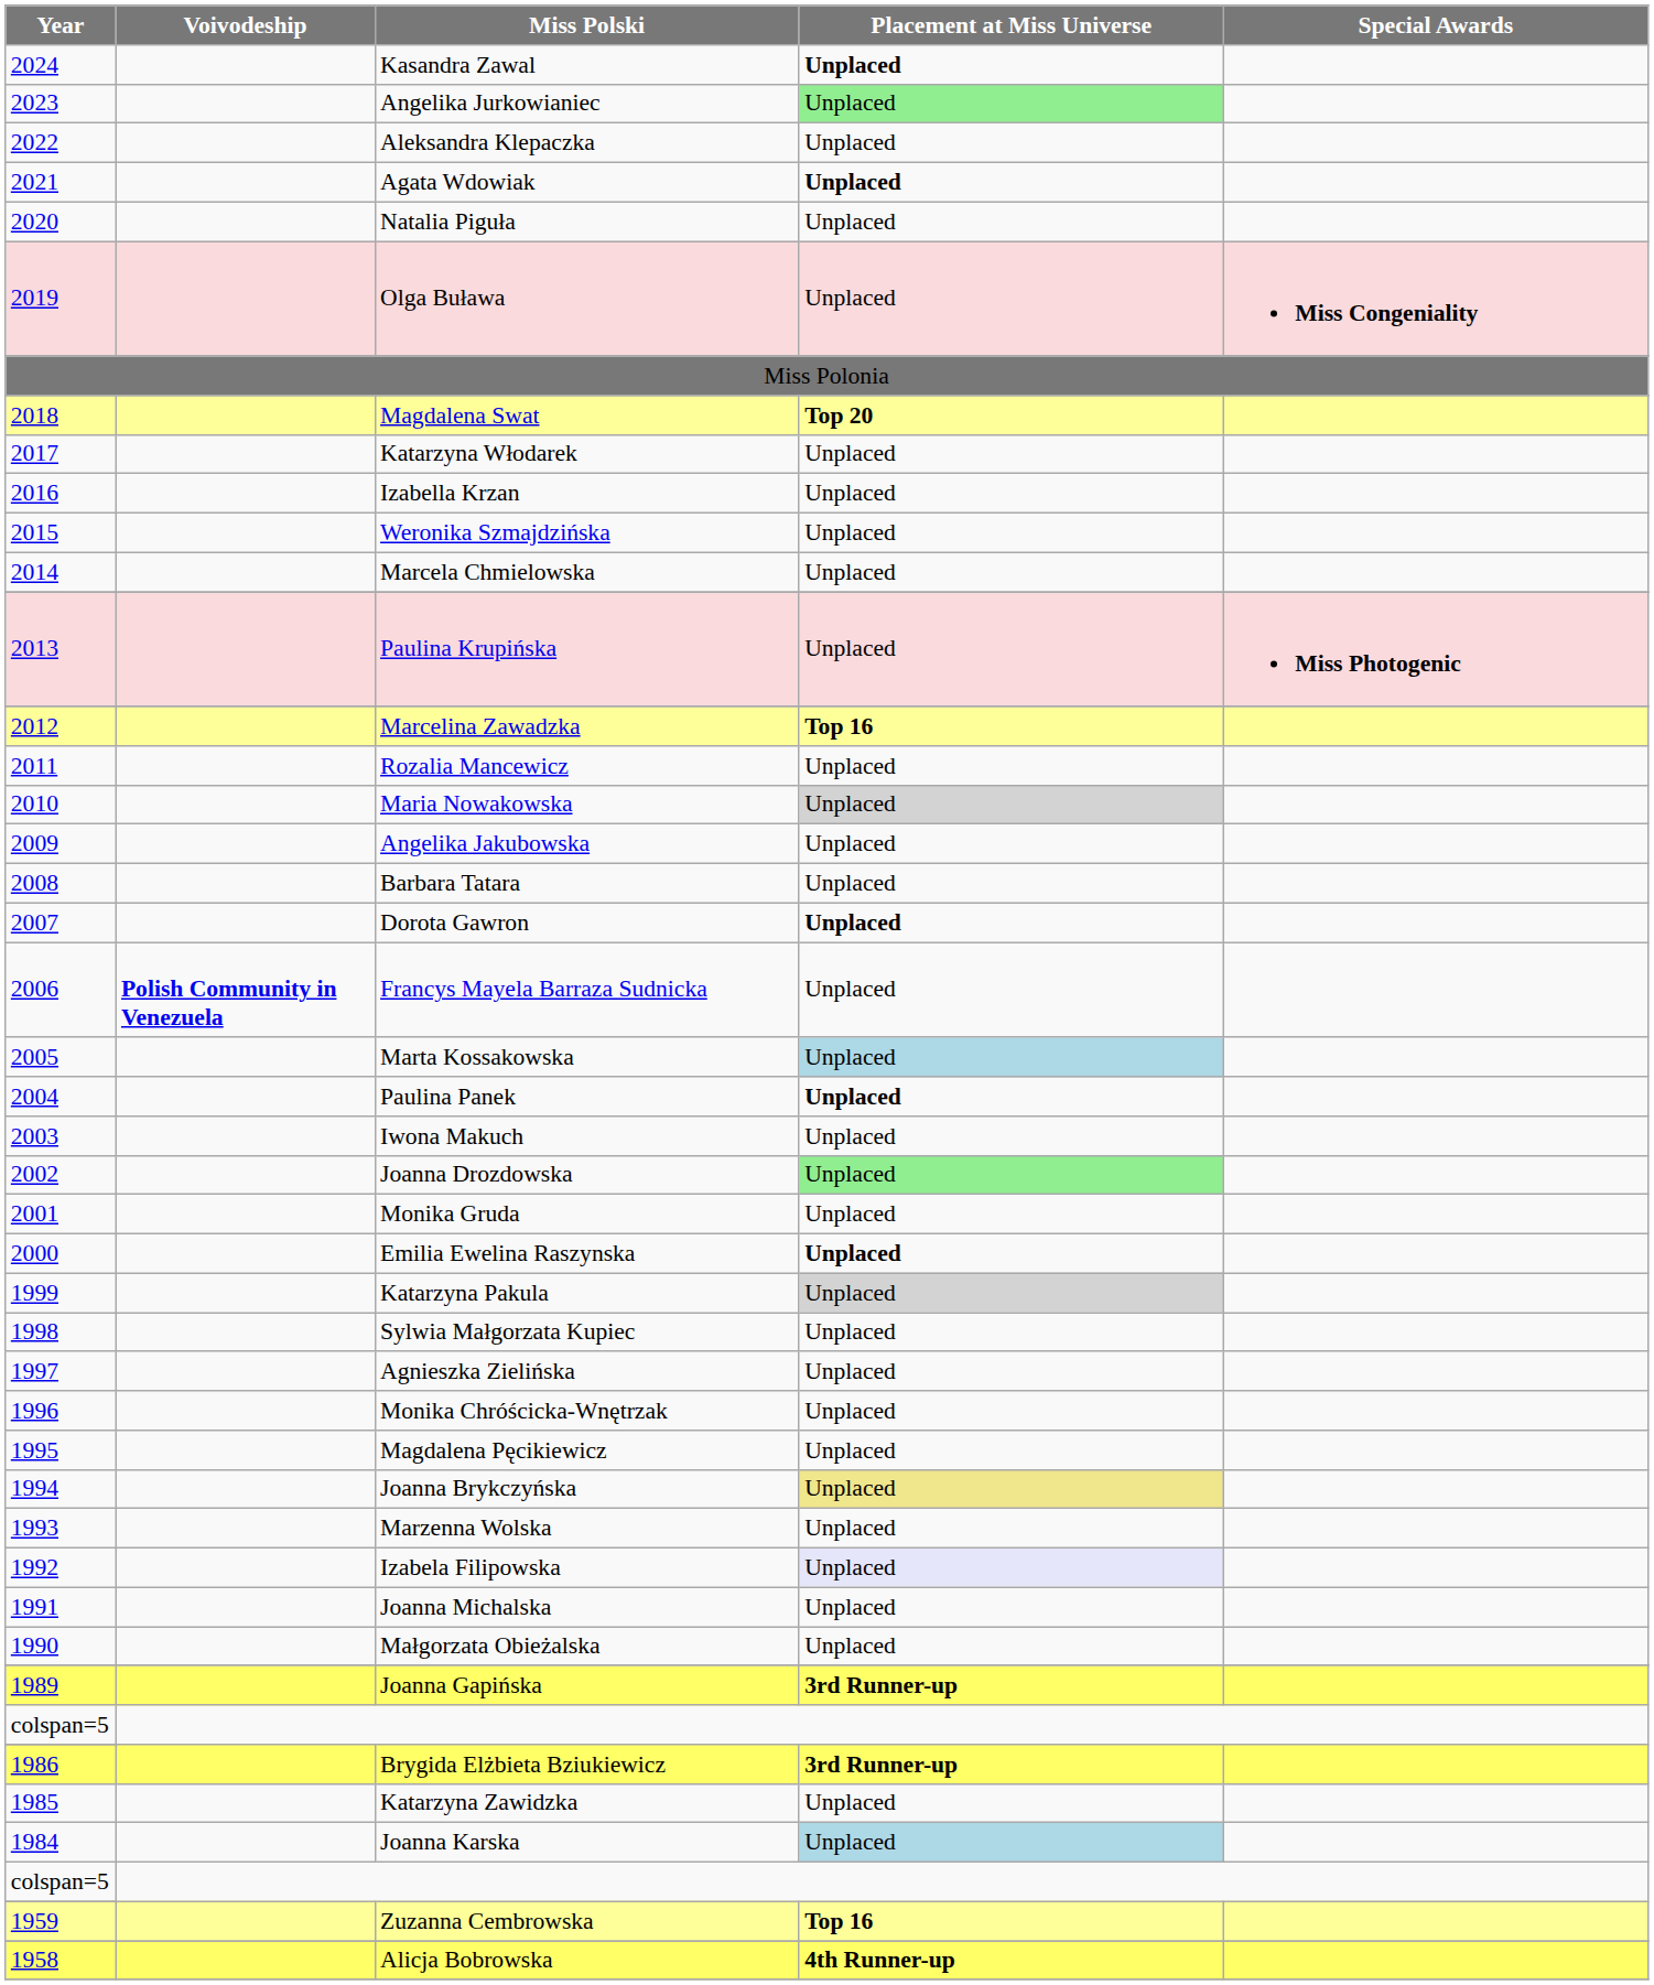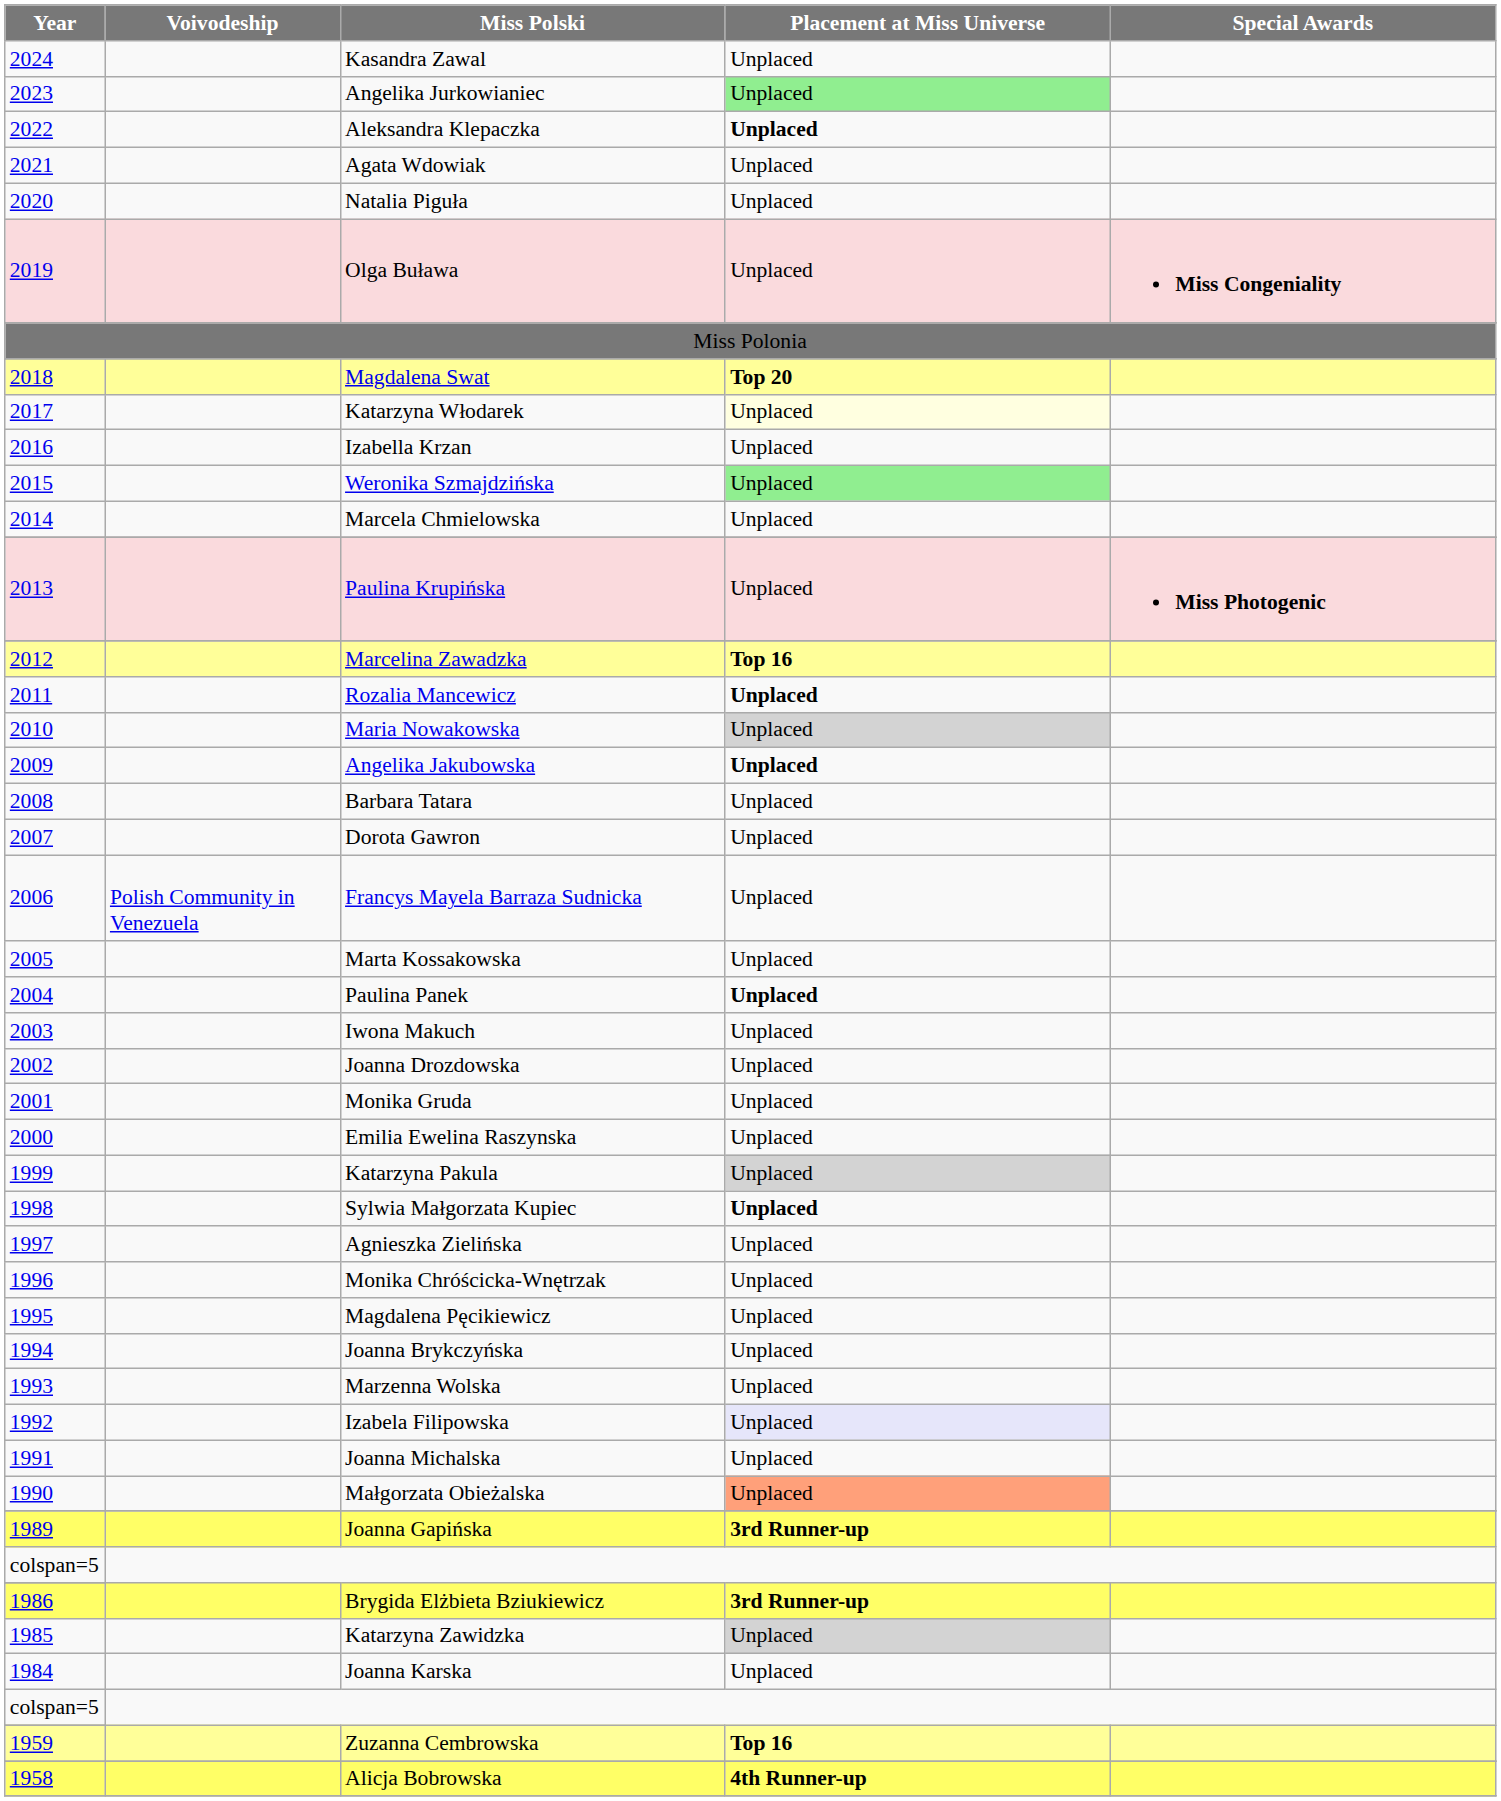 <table class="wikitable " style="font-size: 90%;">
 <tr>
 <th width="60" style="background-color:#787878;color:#FFFFFF;">Year</th>
 <th width="150" style="background-color:#787878;color:#FFFFFF;">Voivodeship</th>
 <th width="250" style="background-color:#787878;color:#FFFFFF;">Miss Polski</th>
 <th width="250" style="background-color:#787878;color:#FFFFFF;">Placement at Miss Universe</th>
 <th width="250" style="background-color:#787878;color:#FFFFFF;">Special Awards</th>
 </tr>
 <tr>
 <td><a href='#'>2024</a></td>
 <td></td>
 <td>Kasandra Zawal</td>
-<td><strong>Unplaced</strong></td>
+<td>Unplaced</td>
 <td></td>
 </tr>
 <tr>
 <td><a href='#'>2023</a></td>
 <td></td>
 <td>Angelika Jurkowianiec</td>
 <td style="background: lightgreen;">Unplaced</td>
 <td></td>
 </tr>
 <tr>
 <td><a href='#'>2022</a></td>
 <td></td>
 <td>Aleksandra Klepaczka</td>
-<td>Unplaced</td>
+<td><strong>Unplaced</strong></td>
 <td></td>
 </tr>
 <tr>
 <td><a href='#'>2021</a></td>
 <td></td>
 <td>Agata Wdowiak</td>
-<td><strong>Unplaced</strong></td>
+<td>Unplaced</td>
 <td></td>
 </tr>
 <tr>
 <td><a href='#'>2020</a></td>
 <td></td>
 <td>Natalia Piguła</td>
 <td>Unplaced</td>
 <td></td>
 </tr>
 <tr style="background-color:#FADADD;">
 <td><a href='#'>2019</a></td>
 <td></td>
 <td>Olga Buława</td>
 <td>Unplaced</td>
 <td align="left"><br><ul><li><strong>Miss Congeniality</strong></li></ul></td>
 </tr>
 <tr>
 </tr>
 <tr bgcolor="#787878" align="center">
 <td colspan="5"><span>Miss Polonia</span></td>
 </tr>
 <tr>
 </tr>
 <tr style="background:#FFFF99;">
 <td><a href='#'>2018</a></td>
 <td></td>
 <td><a href='#'>Magdalena Swat</a></td>
 <td><strong>Top 20</strong></td>
 <td></td>
 </tr>
 <tr>
 <td><a href='#'>2017</a></td>
 <td></td>
 <td>Katarzyna Włodarek</td>
-<td>Unplaced</td>
+<td style="background: lightyellow;">Unplaced</td>
 <td></td>
 </tr>
 <tr>
 <td><a href='#'>2016</a></td>
 <td></td>
 <td>Izabella Krzan</td>
 <td>Unplaced</td>
 <td></td>
 </tr>
 <tr>
 <td><a href='#'>2015</a></td>
 <td></td>
 <td><a href='#'>Weronika Szmajdzińska</a></td>
-<td>Unplaced</td>
+<td style="background: lightgreen;">Unplaced</td>
 <td></td>
 </tr>
 <tr>
 <td><a href='#'>2014</a></td>
 <td></td>
 <td>Marcela Chmielowska</td>
 <td>Unplaced</td>
 <td></td>
 </tr>
 <tr>
 </tr>
 <tr style="background-color:#FADADD;">
 <td><a href='#'>2013</a></td>
 <td></td>
 <td><a href='#'>Paulina Krupińska</a></td>
 <td>Unplaced</td>
 <td align="left"><br><ul><li><strong>Miss Photogenic</strong></li></ul></td>
 </tr>
 <tr>
 </tr>
 <tr style="background-color:#FFFF99;">
 <td><a href='#'>2012</a></td>
 <td></td>
 <td><a href='#'>Marcelina Zawadzka</a></td>
 <td><strong>Top 16</strong></td>
 <td></td>
 </tr>
 <tr>
 <td><a href='#'>2011</a></td>
 <td></td>
 <td><a href='#'>Rozalia Mancewicz</a></td>
-<td>Unplaced</td>
+<td><strong>Unplaced</strong></td>
 <td></td>
 </tr>
 <tr>
 <td><a href='#'>2010</a></td>
 <td></td>
 <td><a href='#'>Maria Nowakowska</a></td>
 <td style="background: lightgrey;">Unplaced</td>
 <td></td>
 </tr>
 <tr>
 <td><a href='#'>2009</a></td>
 <td></td>
 <td><a href='#'>Angelika Jakubowska</a></td>
-<td>Unplaced</td>
+<td><strong>Unplaced</strong></td>
 <td></td>
 </tr>
 <tr>
 <td><a href='#'>2008</a></td>
 <td></td>
 <td>Barbara Tatara</td>
 <td>Unplaced</td>
 <td></td>
 </tr>
 <tr>
 <td><a href='#'>2007</a></td>
 <td></td>
 <td>Dorota Gawron</td>
-<td><strong>Unplaced</strong></td>
+<td>Unplaced</td>
 <td></td>
 </tr>
 <tr>
 <td><a href='#'>2006</a></td>
-<td><strong><br><a href='#'>Polish Community in Venezuela</a></strong></td>
+<td><br><a href='#'>Polish Community in Venezuela</a></td>
 <td><a href='#'>Francys Mayela Barraza Sudnicka</a></td>
 <td>Unplaced</td>
 <td></td>
 </tr>
 <tr>
 <td><a href='#'>2005</a></td>
 <td></td>
 <td>Marta Kossakowska</td>
-<td style="background: lightblue;">Unplaced</td>
+<td>Unplaced</td>
 <td></td>
 </tr>
 <tr>
 <td><a href='#'>2004</a></td>
 <td></td>
 <td>Paulina Panek</td>
 <td><strong>Unplaced</strong></td>
 <td></td>
 </tr>
 <tr>
 <td><a href='#'>2003</a></td>
 <td></td>
 <td>Iwona Makuch</td>
 <td>Unplaced</td>
 <td></td>
 </tr>
 <tr>
 <td><a href='#'>2002</a></td>
 <td></td>
 <td>Joanna Drozdowska</td>
-<td style="background: lightgreen;">Unplaced</td>
+<td>Unplaced</td>
 <td></td>
 </tr>
 <tr>
 <td><a href='#'>2001</a></td>
 <td></td>
 <td>Monika Gruda</td>
 <td>Unplaced</td>
 <td></td>
 </tr>
 <tr>
 <td><a href='#'>2000</a></td>
 <td></td>
 <td>Emilia Ewelina Raszynska</td>
-<td><strong>Unplaced</strong></td>
+<td>Unplaced</td>
 <td></td>
 </tr>
 <tr>
 <td><a href='#'>1999</a></td>
 <td></td>
 <td>Katarzyna Pakula</td>
 <td style="background: lightgrey;">Unplaced</td>
 <td></td>
 </tr>
 <tr>
 <td><a href='#'>1998</a></td>
 <td></td>
 <td>Sylwia Małgorzata Kupiec</td>
-<td>Unplaced</td>
+<td><strong>Unplaced</strong></td>
 <td></td>
 </tr>
 <tr>
 <td><a href='#'>1997</a></td>
 <td></td>
 <td>Agnieszka Zielińska</td>
 <td>Unplaced</td>
 <td></td>
 </tr>
 <tr>
 <td><a href='#'>1996</a></td>
 <td></td>
 <td>Monika Chróścicka-Wnętrzak</td>
 <td>Unplaced</td>
 <td></td>
 </tr>
 <tr>
 <td><a href='#'>1995</a></td>
 <td></td>
 <td>Magdalena Pęcikiewicz</td>
 <td>Unplaced</td>
 <td></td>
 </tr>
 <tr>
 <td><a href='#'>1994</a></td>
 <td></td>
 <td>Joanna Brykczyńska</td>
-<td style="background: khaki;">Unplaced</td>
+<td>Unplaced</td>
 <td></td>
 </tr>
 <tr>
 <td><a href='#'>1993</a></td>
 <td></td>
 <td>Marzenna Wolska</td>
 <td>Unplaced</td>
 <td></td>
 </tr>
 <tr>
 <td><a href='#'>1992</a></td>
 <td></td>
 <td>Izabela Filipowska</td>
 <td style="background: lavender;">Unplaced</td>
 <td></td>
 </tr>
 <tr>
 <td><a href='#'>1991</a></td>
 <td></td>
 <td>Joanna Michalska</td>
 <td>Unplaced</td>
 <td></td>
 </tr>
 <tr>
 <td><a href='#'>1990</a></td>
 <td></td>
 <td>Małgorzata Obieżalska</td>
-<td>Unplaced</td>
+<td style="background: lightsalmon;">Unplaced</td>
 <td></td>
 </tr>
 <tr>
 </tr>
 <tr style="background-color:#FFFF66;">
 <td><a href='#'>1989</a></td>
 <td></td>
 <td>Joanna Gapińska</td>
 <td><strong>3rd Runner-up</strong></td>
 <td></td>
 </tr>
 <tr>
 <td>colspan=5 </td>
 </tr>
 <tr>
 </tr>
 <tr style="background-color:#FFFF66;">
 <td><a href='#'>1986</a></td>
 <td></td>
 <td>Brygida Elżbieta Bziukiewicz</td>
 <td><strong>3rd Runner-up</strong></td>
 <td></td>
 </tr>
 <tr>
 <td><a href='#'>1985</a></td>
 <td></td>
 <td>Katarzyna Zawidzka</td>
-<td>Unplaced</td>
+<td style="background: lightgrey;">Unplaced</td>
 <td></td>
 </tr>
 <tr>
 <td><a href='#'>1984</a></td>
 <td></td>
 <td>Joanna Karska</td>
-<td style="background: lightblue;">Unplaced</td>
+<td>Unplaced</td>
 <td></td>
 </tr>
 <tr>
 <td>colspan=5 </td>
 </tr>
 <tr>
 </tr>
 <tr style="background-color:#FFFF99;">
 <td><a href='#'>1959</a></td>
 <td></td>
 <td>Zuzanna Cembrowska</td>
 <td><strong>Top 16</strong></td>
 <td></td>
 </tr>
 <tr>
 </tr>
 <tr style="background-color:#FFFF66;">
 <td><a href='#'>1958</a></td>
 <td></td>
 <td>Alicja Bobrowska</td>
 <td><strong>4th Runner-up</strong></td>
 <td></td>
 </tr>
 <tr>
 </tr>
 </table>
